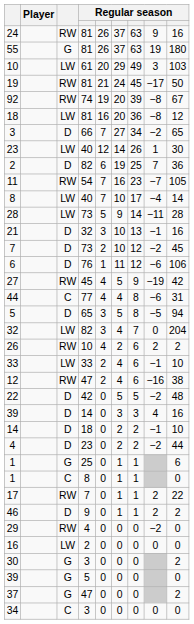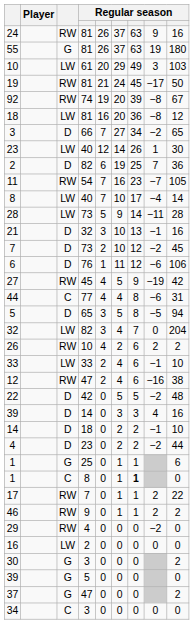 <table class="wikitable sortable plainrowheaders" style="text-align:center;">
 <tr>
 <th scope="col" data-sort-type="number" rowspan="2"></th>
 <th scope="col" rowspan="2">Player</th>
 <th scope="col" rowspan="2"></th>
 <th scope=colgroup colspan=6>Regular season</th>
 </tr>
 <tr>
 <th scope="col" data-sort-type="number"></th>
 <th scope="col" data-sort-type="number"></th>
 <th scope="col" data-sort-type="number"></th>
 <th scope="col" data-sort-type="number"></th>
 <th scope="col" data-sort-type="number"></th>
 <th scope="col" data-sort-type="number"></th>
 </tr>
 <tr>
 <td scope="row">24</td>
 <td align="left"></td>
 <td>RW</td>
 <td>81</td>
 <td>26</td>
 <td>37</td>
 <td>63</td>
 <td>9</td>
 <td>16</td>
 </tr>
 <tr>
 <td scope="row">55</td>
 <td align="left"></td>
 <td>G</td>
 <td>81</td>
 <td>26</td>
 <td>37</td>
 <td>63</td>
 <td>19</td>
 <td>180</td>
 </tr>
 <tr>
 <td scope="row">10</td>
 <td align="left"></td>
 <td>LW</td>
 <td>61</td>
 <td>20</td>
 <td>29</td>
 <td>49</td>
 <td>3</td>
 <td>103</td>
 </tr>
 <tr>
 <td scope="row">19</td>
 <td align="left"></td>
 <td>RW</td>
 <td>81</td>
 <td>21</td>
 <td>24</td>
 <td>45</td>
 <td>−17</td>
 <td>50</td>
 </tr>
 <tr>
 <td scope="row">92</td>
 <td align="left"></td>
 <td>RW</td>
 <td>74</td>
 <td>19</td>
 <td>20</td>
 <td>39</td>
 <td>−8</td>
 <td>67</td>
 </tr>
 <tr>
 <td scope="row">18</td>
 <td align="left"></td>
 <td>LW</td>
 <td>81</td>
 <td>16</td>
 <td>20</td>
 <td>36</td>
 <td>−8</td>
 <td>12</td>
 </tr>
 <tr>
 <td scope="row">3</td>
 <td align="left"></td>
 <td>D</td>
 <td>66</td>
 <td>7</td>
 <td>27</td>
 <td>34</td>
 <td>−2</td>
 <td>65</td>
 </tr>
 <tr>
 <td scope="row">23</td>
 <td align="left"></td>
 <td>LW</td>
 <td>40</td>
 <td>12</td>
 <td>14</td>
 <td>26</td>
 <td>1</td>
 <td>30</td>
 </tr>
 <tr>
 <td scope="row">2</td>
 <td align="left"></td>
 <td>D</td>
 <td>82</td>
 <td>6</td>
 <td>19</td>
 <td>25</td>
 <td>7</td>
 <td>36</td>
 </tr>
 <tr>
 <td scope="row">11</td>
 <td align="left"></td>
 <td>RW</td>
 <td>54</td>
 <td>7</td>
 <td>16</td>
 <td>23</td>
 <td>−7</td>
 <td>105</td>
 </tr>
 <tr>
 <td scope="row">8</td>
 <td align="left"></td>
 <td>LW</td>
 <td>40</td>
 <td>7</td>
 <td>10</td>
 <td>17</td>
 <td>−4</td>
 <td>14</td>
 </tr>
 <tr>
 <td scope="row">28</td>
 <td align="left"></td>
 <td>LW</td>
 <td>73</td>
 <td>5</td>
 <td>9</td>
 <td>14</td>
 <td>−11</td>
 <td>28</td>
 </tr>
 <tr>
 <td scope="row">21</td>
 <td align="left"></td>
 <td>D</td>
 <td>32</td>
 <td>3</td>
 <td>10</td>
 <td>13</td>
 <td>−1</td>
 <td>16</td>
 </tr>
 <tr>
 <td scope="row">7</td>
 <td align="left"></td>
 <td>D</td>
 <td>73</td>
 <td>2</td>
 <td>10</td>
 <td>12</td>
 <td>−2</td>
 <td>45</td>
 </tr>
 <tr>
 <td scope="row">6</td>
 <td align="left"></td>
 <td>D</td>
 <td>76</td>
 <td>1</td>
 <td>11</td>
 <td>12</td>
 <td>−6</td>
 <td>106</td>
 </tr>
 <tr>
 <td scope="row">27</td>
 <td align="left"></td>
 <td>RW</td>
 <td>45</td>
 <td>4</td>
 <td>5</td>
 <td>9</td>
 <td>−19</td>
 <td>42</td>
 </tr>
 <tr>
 <td scope="row">44</td>
 <td align="left"></td>
 <td>C</td>
 <td>77</td>
 <td>4</td>
 <td>4</td>
 <td>8</td>
 <td>−6</td>
 <td>31</td>
 </tr>
 <tr>
 <td scope="row">5</td>
 <td align="left"></td>
 <td>D</td>
 <td>65</td>
 <td>3</td>
 <td>5</td>
 <td>8</td>
 <td>−5</td>
 <td>94</td>
 </tr>
 <tr>
 <td scope="row">32</td>
 <td align="left"></td>
 <td>LW</td>
 <td>82</td>
 <td>3</td>
 <td>4</td>
 <td>7</td>
 <td>0</td>
 <td>204</td>
 </tr>
 <tr>
 <td scope="row">26</td>
 <td align="left"></td>
 <td>RW</td>
 <td>10</td>
 <td>4</td>
 <td>2</td>
 <td>6</td>
 <td>2</td>
 <td>2</td>
 </tr>
 <tr>
 <td scope="row">33</td>
 <td align="left"></td>
 <td>LW</td>
 <td>33</td>
 <td>2</td>
 <td>4</td>
 <td>6</td>
 <td>−1</td>
 <td>10</td>
 </tr>
 <tr>
 <td scope="row">12</td>
 <td align="left"></td>
 <td>RW</td>
 <td>47</td>
 <td>2</td>
 <td>4</td>
 <td>6</td>
 <td>−16</td>
 <td>38</td>
 </tr>
 <tr>
 <td scope="row">22</td>
 <td align="left"></td>
 <td>D</td>
 <td>42</td>
 <td>0</td>
 <td>5</td>
 <td>5</td>
 <td>−2</td>
 <td>48</td>
 </tr>
 <tr>
 <td scope="row">39</td>
 <td align="left"></td>
 <td>D</td>
 <td>14</td>
 <td>0</td>
 <td>3</td>
 <td>3</td>
 <td>4</td>
 <td>16</td>
 </tr>
 <tr>
 <td scope="row">14</td>
 <td align="left"></td>
 <td>D</td>
 <td>18</td>
 <td>0</td>
 <td>2</td>
 <td>2</td>
 <td>−1</td>
 <td>10</td>
 </tr>
 <tr>
 <td scope="row">4</td>
 <td align="left"></td>
 <td>D</td>
 <td>23</td>
 <td>0</td>
 <td>2</td>
 <td>2</td>
 <td>−2</td>
 <td>44</td>
 </tr>
 <tr>
 <td scope="row">1</td>
 <td align="left"></td>
 <td>G</td>
 <td>25</td>
 <td>0</td>
 <td>1</td>
 <td>1</td>
 <td style="background:#ccc"></td>
 <td>6</td>
 </tr>
 <tr>
 <td scope="row">1</td>
 <td align="left"></td>
 <td>C</td>
 <td>8</td>
 <td>0</td>
 <td>1</td>
-<td>1</td>
+<td><strong>1</strong></td>
 <td style="background:#ccc"></td>
 <td>0</td>
 </tr>
 <tr>
 <td scope="row">17</td>
 <td align="left"></td>
 <td>RW</td>
 <td>7</td>
 <td>0</td>
 <td>1</td>
 <td>1</td>
 <td>2</td>
 <td>22</td>
 </tr>
 <tr>
 <td scope="row">46</td>
 <td align="left"></td>
-<td>D</td>
+<td>RW</td>
 <td>9</td>
 <td>0</td>
 <td>1</td>
 <td>1</td>
 <td>2</td>
 <td>2</td>
 </tr>
 <tr>
 <td scope="row">29</td>
 <td align="left"></td>
 <td>RW</td>
 <td>4</td>
 <td>0</td>
 <td>0</td>
 <td>0</td>
 <td>−2</td>
 <td>0</td>
 </tr>
 <tr>
 <td scope="row">16</td>
 <td align="left"></td>
 <td>LW</td>
 <td>2</td>
 <td>0</td>
 <td>0</td>
 <td>0</td>
 <td>0</td>
 <td>0</td>
 </tr>
 <tr>
 <td scope="row">30</td>
 <td align="left"></td>
 <td>G</td>
 <td>3</td>
 <td>0</td>
 <td>0</td>
 <td>0</td>
 <td style="background:#ccc"></td>
 <td>2</td>
 </tr>
 <tr>
 <td scope="row">39</td>
 <td align="left"></td>
 <td>G</td>
 <td>5</td>
 <td>0</td>
 <td>0</td>
 <td>0</td>
 <td style="background:#ccc"></td>
 <td>0</td>
 </tr>
 <tr>
 <td scope="row">37</td>
 <td align="left"></td>
 <td>G</td>
 <td>47</td>
 <td>0</td>
 <td>0</td>
 <td>0</td>
 <td style="background:#ccc"></td>
 <td>2</td>
 </tr>
 <tr>
 <td scope="row">34</td>
 <td align="left"></td>
 <td>C</td>
 <td>3</td>
 <td>0</td>
 <td>0</td>
 <td>0</td>
 <td>0</td>
 <td>0</td>
 </tr>
 </table>
